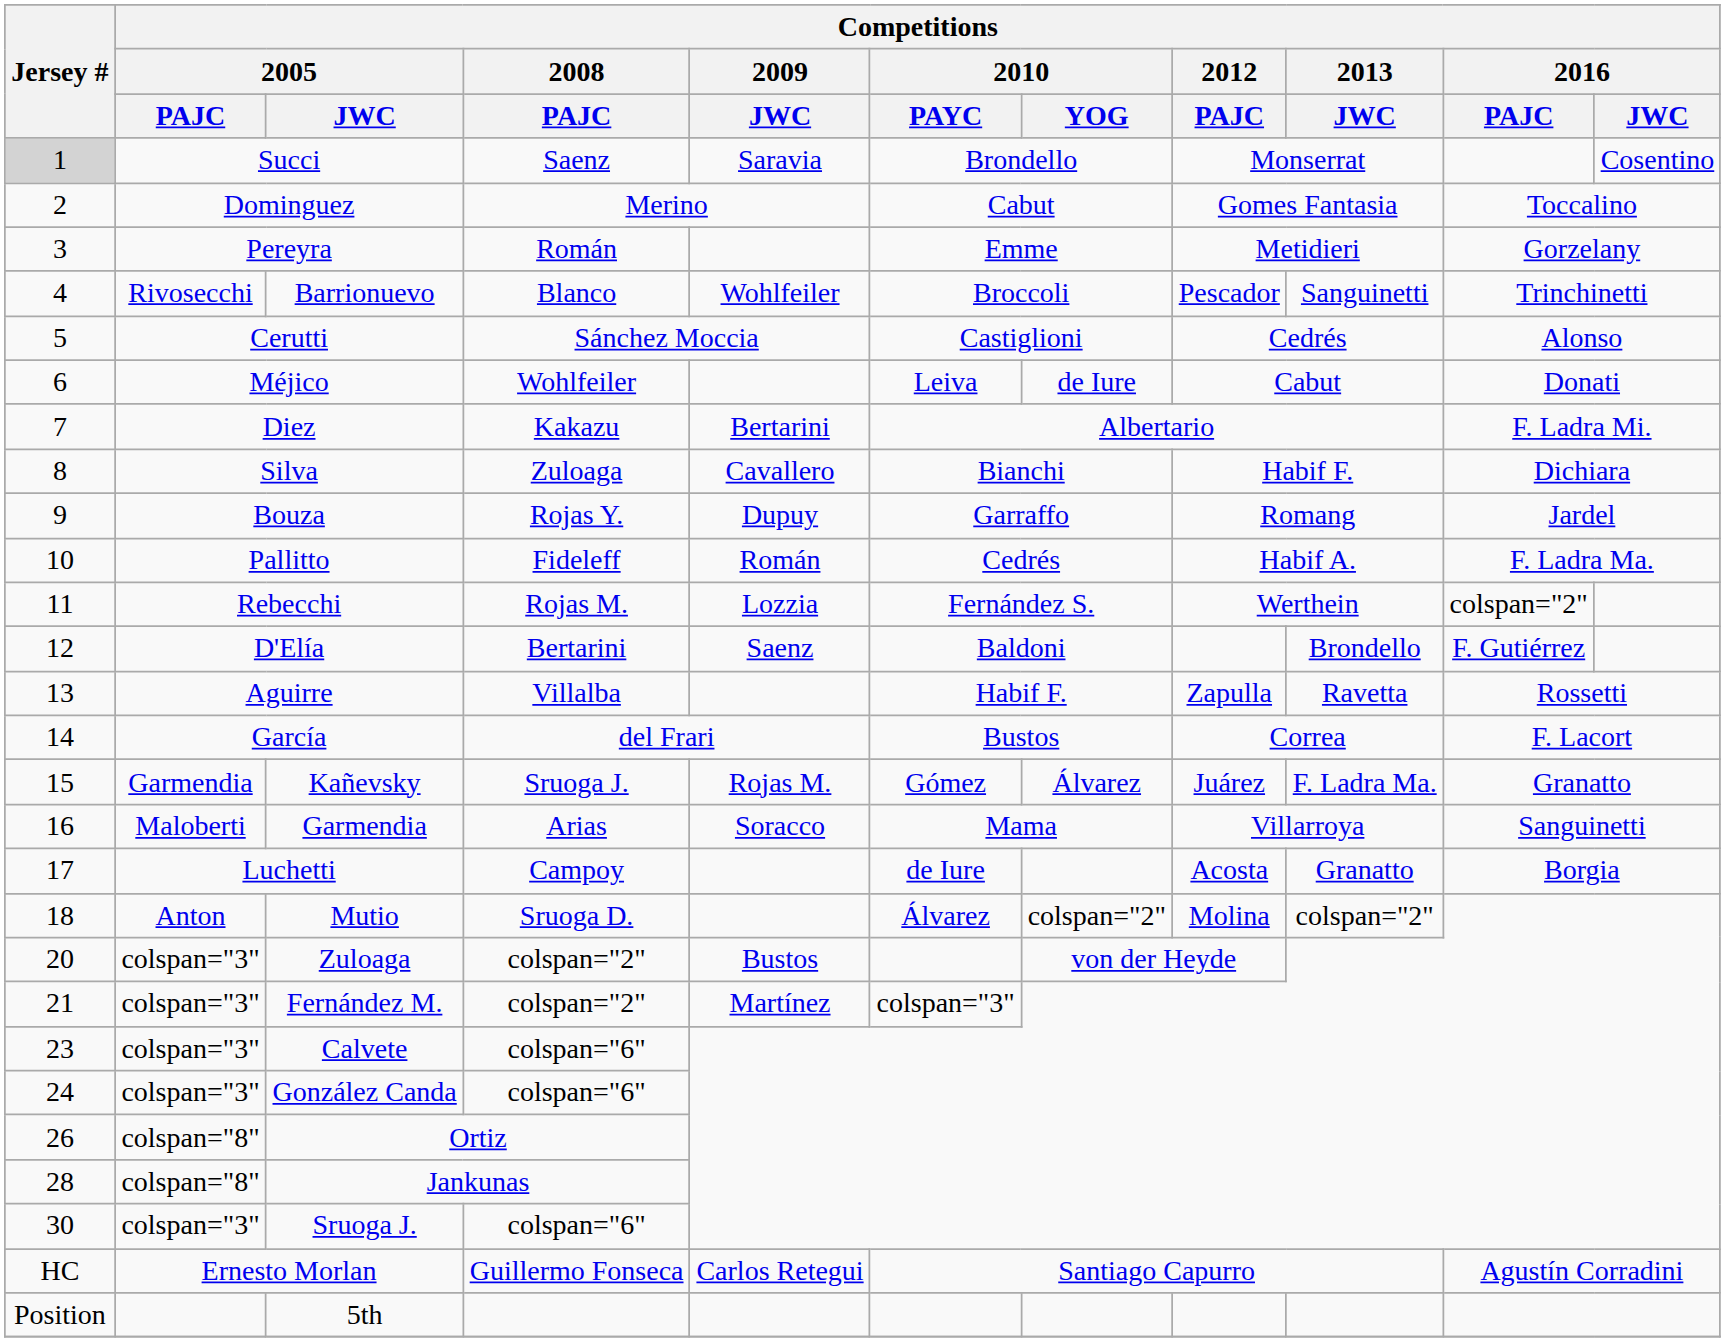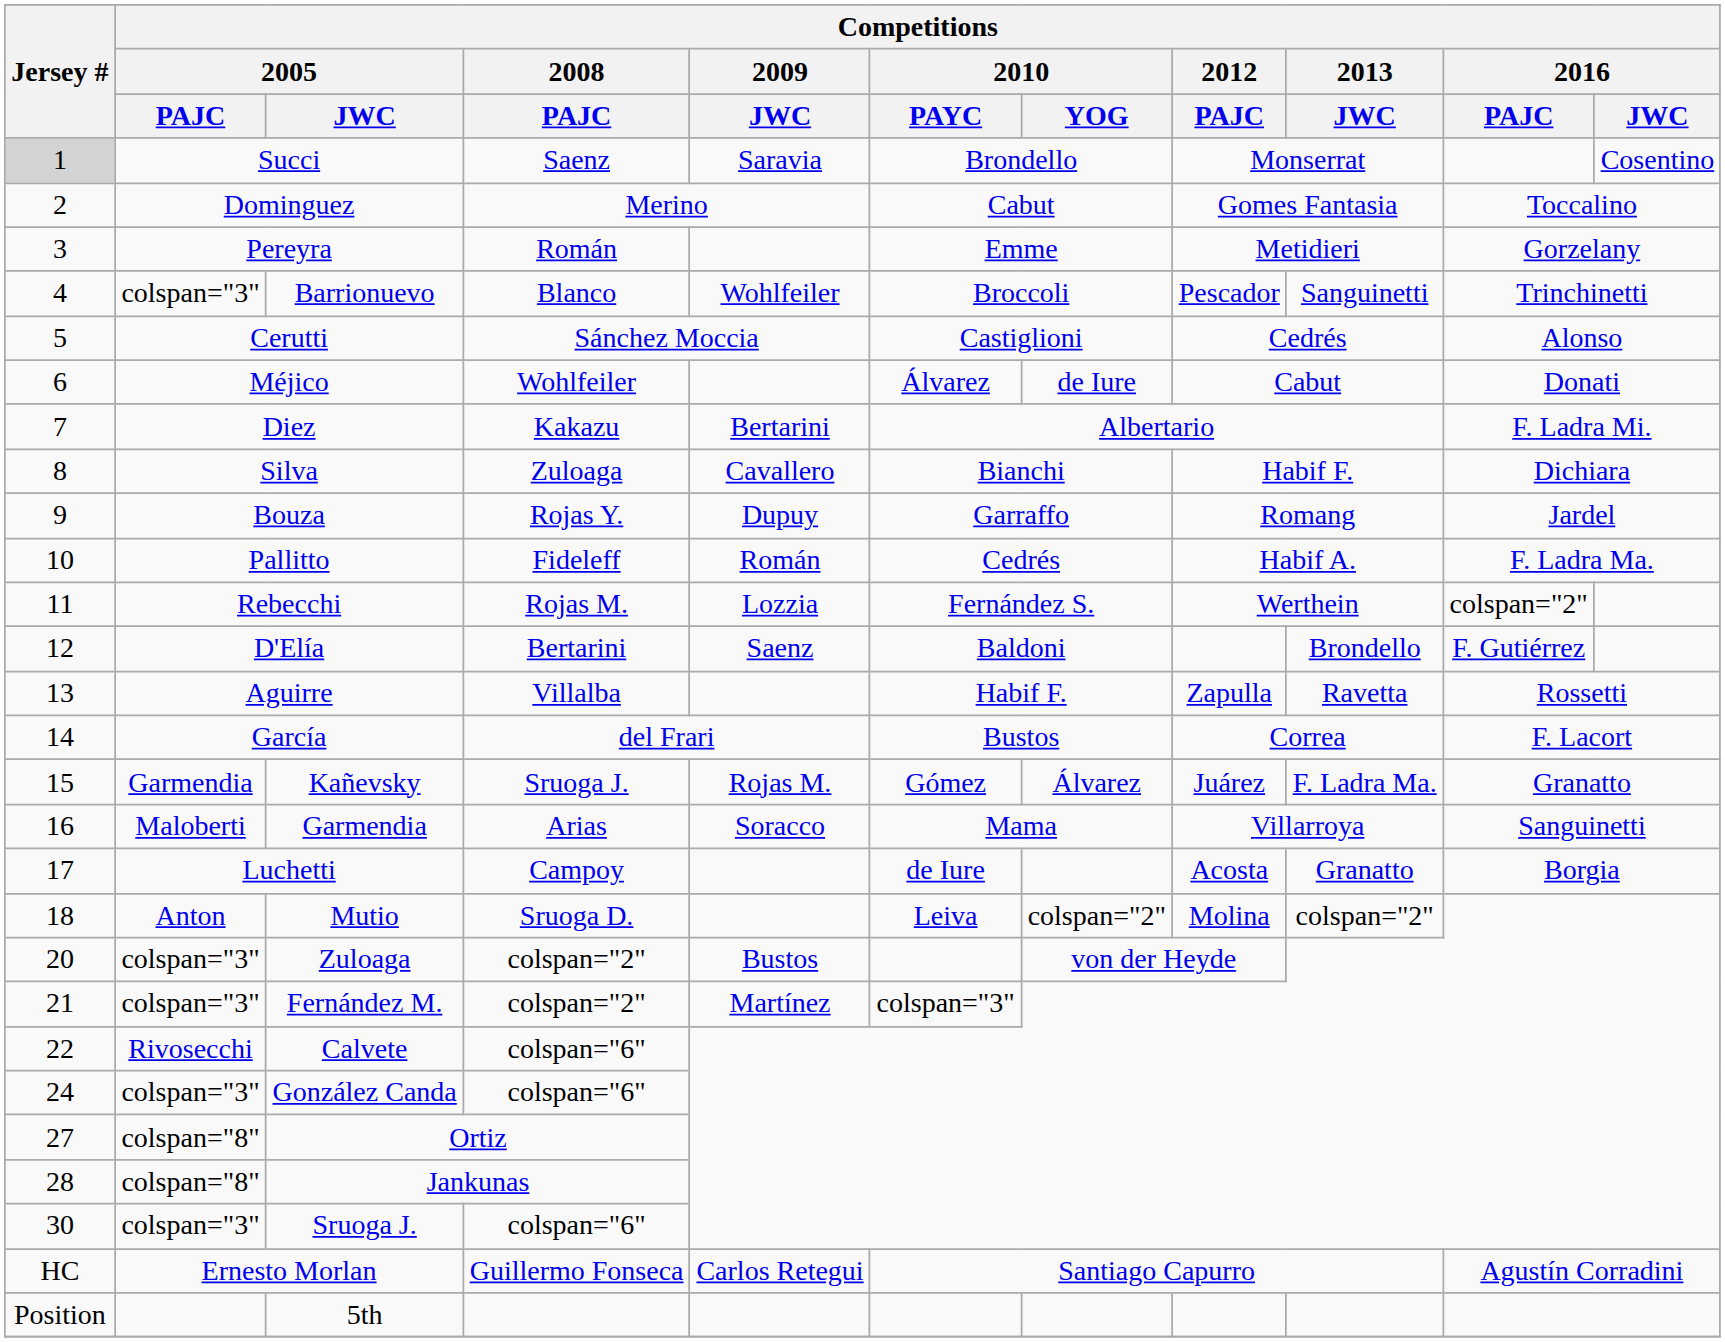 <table class="wikitable" style="text-align:center">
 <tr>
 <th rowspan="3">Jersey #</th>
 <th colspan="10">Competitions</th>
 </tr>
 <tr>
 <th colspan="2">2005</th>
 <th>2008</th>
 <th>2009</th>
 <th colspan="2">2010</th>
 <th>2012</th>
 <th>2013</th>
 <th colspan="2">2016</th>
 </tr>
 <tr>
 <th><a href='#'>PAJC</a></th>
 <th><a href='#'>JWC</a></th>
 <th><a href='#'>PAJC</a></th>
 <th><a href='#'>JWC</a></th>
 <th><a href='#'>PAYC</a></th>
 <th><a href='#'>YOG</a></th>
 <th><a href='#'>PAJC</a></th>
 <th><a href='#'>JWC</a></th>
 <th><a href='#'>PAJC</a></th>
 <th><a href='#'>JWC</a></th>
 </tr>
 <tr>
 <td style="background: lightgrey;">1</td>
 <td colspan="2"><a href='#'>Succi</a></td>
 <td><a href='#'>Saenz</a></td>
 <td><a href='#'>Saravia</a></td>
 <td colspan="2"><a href='#'>Brondello</a></td>
 <td colspan="2"><a href='#'>Monserrat</a></td>
 <td></td>
 <td><a href='#'>Cosentino</a></td>
 </tr>
 <tr>
 <td>2</td>
 <td colspan="2"><a href='#'>Dominguez</a></td>
 <td colspan="2"><a href='#'>Merino</a></td>
 <td colspan="2"><a href='#'>Cabut</a></td>
 <td colspan="2"><a href='#'>Gomes Fantasia</a></td>
 <td colspan="2"><a href='#'>Toccalino</a></td>
 </tr>
 <tr>
 <td>3</td>
 <td colspan="2"><a href='#'>Pereyra</a></td>
 <td><a href='#'>Román</a></td>
 <td></td>
 <td colspan="2"><a href='#'>Emme</a></td>
 <td colspan="2"><a href='#'>Metidieri</a></td>
 <td colspan="2"><a href='#'>Gorzelany</a></td>
 </tr>
 <tr>
 <td>4</td>
-<td><a href='#'>Rivosecchi</a></td>
+<td>colspan="3"</td>
 <td><a href='#'>Barrionuevo</a></td>
 <td><a href='#'>Blanco</a></td>
 <td><a href='#'>Wohlfeiler</a></td>
 <td colspan="2"><a href='#'>Broccoli</a></td>
 <td><a href='#'>Pescador</a></td>
 <td><a href='#'>Sanguinetti</a></td>
 <td colspan="2"><a href='#'>Trinchinetti</a></td>
 </tr>
 <tr>
 <td>5</td>
 <td colspan="2"><a href='#'>Cerutti</a></td>
 <td colspan="2"><a href='#'>Sánchez Moccia</a></td>
 <td colspan="2"><a href='#'>Castiglioni</a></td>
 <td colspan="2"><a href='#'>Cedrés</a></td>
 <td colspan="2"><a href='#'>Alonso</a></td>
 </tr>
 <tr>
 <td>6</td>
 <td colspan="2"><a href='#'>Méjico</a></td>
 <td><a href='#'>Wohlfeiler</a></td>
 <td></td>
-<td><a href='#'>Leiva</a></td>
+<td><a href='#'>Álvarez</a></td>
 <td><a href='#'>de Iure</a></td>
 <td colspan="2"><a href='#'>Cabut</a></td>
 <td colspan="2"><a href='#'>Donati</a></td>
 </tr>
 <tr>
 <td>7</td>
 <td colspan="2"><a href='#'>Diez</a></td>
 <td><a href='#'>Kakazu</a></td>
 <td><a href='#'>Bertarini</a></td>
 <td colspan="4"><a href='#'>Albertario</a></td>
 <td colspan="2"><a href='#'>F. Ladra Mi.</a></td>
 </tr>
 <tr>
 <td>8</td>
 <td colspan="2"><a href='#'>Silva</a></td>
 <td><a href='#'>Zuloaga</a></td>
 <td><a href='#'>Cavallero</a></td>
 <td colspan="2"><a href='#'>Bianchi</a></td>
 <td colspan="2"><a href='#'>Habif F.</a></td>
 <td colspan="2"><a href='#'>Dichiara</a></td>
 </tr>
 <tr>
 <td>9</td>
 <td colspan="2"><a href='#'>Bouza</a></td>
 <td><a href='#'>Rojas Y.</a></td>
 <td><a href='#'>Dupuy</a></td>
 <td colspan="2"><a href='#'>Garraffo</a></td>
 <td colspan="2"><a href='#'>Romang</a></td>
 <td colspan="2"><a href='#'>Jardel</a></td>
 </tr>
 <tr>
 <td>10</td>
 <td colspan="2"><a href='#'>Pallitto</a></td>
 <td><a href='#'>Fideleff</a></td>
 <td><a href='#'>Román</a></td>
 <td colspan="2"><a href='#'>Cedrés</a></td>
 <td colspan="2"><a href='#'>Habif A.</a></td>
 <td colspan="2"><a href='#'>F. Ladra Ma.</a></td>
 </tr>
 <tr>
 <td>11</td>
 <td colspan="2"><a href='#'>Rebecchi</a></td>
 <td><a href='#'>Rojas M.</a></td>
 <td><a href='#'>Lozzia</a></td>
 <td colspan="2"><a href='#'>Fernández S.</a></td>
 <td colspan="2"><a href='#'>Werthein</a></td>
 <td>colspan="2"</td>
 </tr>
 <tr>
 <td>12</td>
 <td colspan="2"><a href='#'>D'Elía</a></td>
 <td><a href='#'>Bertarini</a></td>
 <td><a href='#'>Saenz</a></td>
 <td colspan="2"><a href='#'>Baldoni</a></td>
 <td></td>
 <td><a href='#'>Brondello</a></td>
 <td><a href='#'>F. Gutiérrez</a></td>
 <td></td>
 </tr>
 <tr>
 <td>13</td>
 <td colspan="2"><a href='#'>Aguirre</a></td>
 <td><a href='#'>Villalba</a></td>
 <td></td>
 <td colspan="2"><a href='#'>Habif F.</a></td>
 <td><a href='#'>Zapulla</a></td>
 <td><a href='#'>Ravetta</a></td>
 <td colspan="2"><a href='#'>Rossetti</a></td>
 </tr>
 <tr>
 <td>14</td>
 <td colspan="2"><a href='#'>García</a></td>
 <td colspan="2"><a href='#'>del Frari</a></td>
 <td colspan="2"><a href='#'>Bustos</a></td>
 <td colspan="2"><a href='#'>Correa</a></td>
 <td colspan="2"><a href='#'>F. Lacort</a></td>
 </tr>
 <tr>
 <td>15</td>
 <td><a href='#'>Garmendia</a></td>
 <td><a href='#'>Kañevsky</a></td>
 <td><a href='#'>Sruoga J.</a></td>
 <td><a href='#'>Rojas M.</a></td>
 <td><a href='#'>Gómez</a></td>
 <td><a href='#'>Álvarez</a></td>
 <td><a href='#'>Juárez</a></td>
 <td><a href='#'>F. Ladra Ma.</a></td>
 <td colspan="2"><a href='#'>Granatto</a></td>
 </tr>
 <tr>
 <td>16</td>
 <td><a href='#'>Maloberti</a></td>
 <td><a href='#'>Garmendia</a></td>
 <td><a href='#'>Arias</a></td>
 <td><a href='#'>Soracco</a></td>
 <td colspan="2"><a href='#'>Mama</a></td>
 <td colspan="2"><a href='#'>Villarroya</a></td>
 <td colspan="2"><a href='#'>Sanguinetti</a></td>
 </tr>
 <tr>
 <td>17</td>
 <td colspan="2"><a href='#'>Luchetti</a></td>
 <td><a href='#'>Campoy</a></td>
 <td></td>
 <td><a href='#'>de Iure</a></td>
 <td></td>
 <td><a href='#'>Acosta</a></td>
 <td><a href='#'>Granatto</a></td>
 <td colspan="2"><a href='#'>Borgia</a></td>
 </tr>
 <tr>
 <td>18</td>
 <td><a href='#'>Anton</a></td>
 <td><a href='#'>Mutio</a></td>
 <td><a href='#'>Sruoga D.</a></td>
 <td></td>
-<td><a href='#'>Álvarez</a></td>
+<td><a href='#'>Leiva</a></td>
 <td>colspan="2" </td>
 <td><a href='#'>Molina</a></td>
 <td>colspan="2"</td>
 </tr>
 <tr>
 <td>20</td>
 <td>colspan="3"</td>
 <td><a href='#'>Zuloaga</a></td>
 <td>colspan="2" </td>
 <td><a href='#'>Bustos</a></td>
 <td></td>
 <td colspan="2"><a href='#'>von der Heyde</a></td>
 </tr>
 <tr>
 <td>21</td>
 <td>colspan="3"</td>
 <td><a href='#'>Fernández M.</a></td>
 <td>colspan="2"</td>
 <td><a href='#'>Martínez</a></td>
 <td>colspan="3"</td>
 </tr>
 <tr>
-<td>23</td>
-<td>colspan="3"</td>
+<td>22</td>
+<td><a href='#'>Rivosecchi</a></td>
 <td><a href='#'>Calvete</a></td>
 <td>colspan="6"</td>
 </tr>
 <tr>
 <td>24</td>
 <td>colspan="3"</td>
 <td><a href='#'>González Canda</a></td>
 <td>colspan="6"</td>
 </tr>
 <tr>
-<td>26</td>
+<td>27</td>
 <td>colspan="8"</td>
 <td colspan="2"><a href='#'>Ortiz</a></td>
 </tr>
 <tr>
 <td>28</td>
 <td>colspan="8"</td>
 <td colspan="2"><a href='#'>Jankunas</a></td>
 </tr>
 <tr>
 <td>30</td>
 <td>colspan="3"</td>
 <td><a href='#'>Sruoga J.</a></td>
 <td>colspan="6"</td>
 </tr>
 <tr>
 <td>HC</td>
 <td colspan="2"><a href='#'>Ernesto Morlan</a></td>
 <td><a href='#'>Guillermo Fonseca</a></td>
 <td><a href='#'>Carlos Retegui</a></td>
 <td colspan="4"><a href='#'>Santiago Capurro</a></td>
 <td colspan="2"><a href='#'>Agustín Corradini</a></td>
 </tr>
 <tr>
 <td>Position</td>
 <td></td>
 <td>5th</td>
 <td></td>
 <td></td>
 <td></td>
 <td></td>
 <td></td>
 <td></td>
 <td colspan="2"></td>
 </tr>
 <tr>
 </tr>
 </table>
